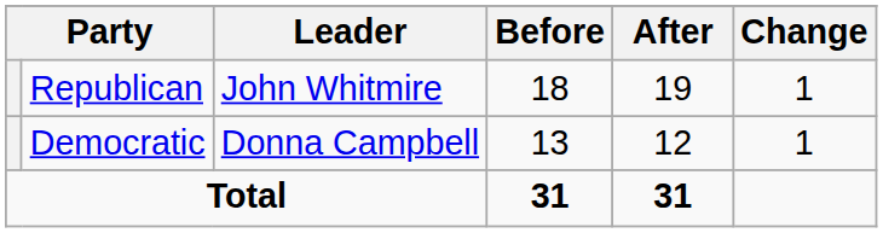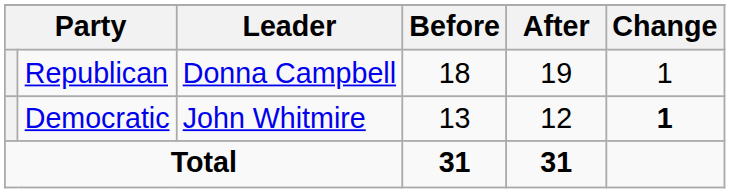 <table class="wikitable" style="text-align:center;">
 <tr>
 </tr>
 <tr>
 <th colspan=2>Party</th>
 <th>Leader</th>
 <th style="width:3em">Before</th>
 <th style="width:3em">After</th>
 <th style="width:3em">Change</th>
 </tr>
 <tr>
 <th style="background-color:"></th>
 <td style="text-align:left;"><a href='#'>Republican</a></td>
-<td style="text-align:left;"><a href='#'>John Whitmire</a></td>
+<td style="text-align:left;"><a href='#'>Donna Campbell</a></td>
 <td>18</td>
 <td>19</td>
 <td> 1</td>
 </tr>
 <tr>
 <th style="background-color:"></th>
 <td style="text-align:left;"><a href='#'>Democratic</a></td>
-<td style="text-align:left;"><a href='#'>Donna Campbell</a></td>
+<td style="text-align:left;"><a href='#'>John Whitmire</a></td>
 <td>13</td>
 <td>12</td>
-<td> 1</td>
+<td><strong> 1</strong></td>
 </tr>
 <tr>
 <td colspan=3><strong>Total</strong></td>
 <td><strong>31</strong></td>
 <td><strong>31</strong></td>
 <td></td>
 </tr>
 </table>
